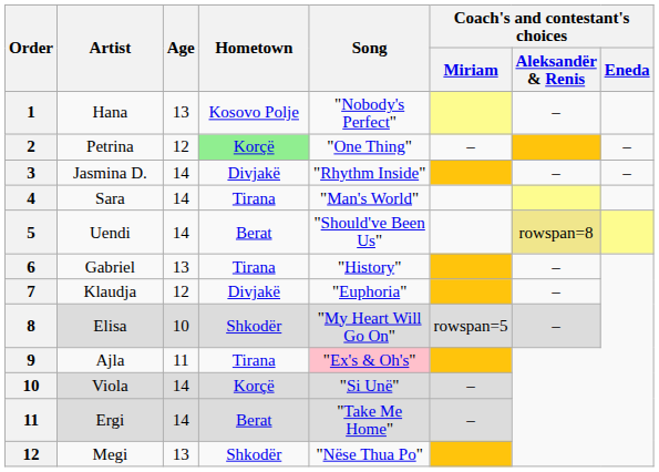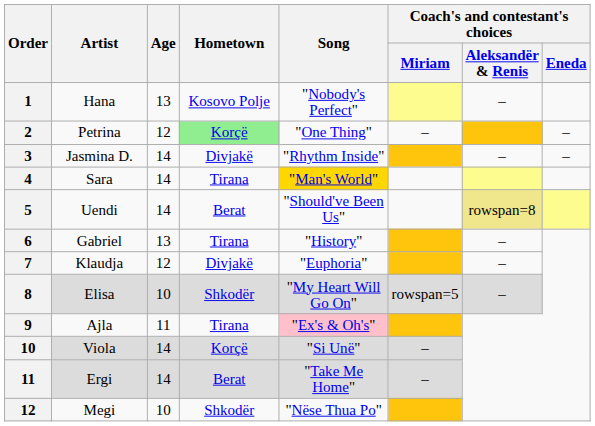 <table class="wikitable" style="text-align:center; line-height:17px; width:100%;">
 <tr>
 <th scope="col" rowspan=2 width="04%">Order</th>
 <th scope="col" rowspan=2 width="18%">Artist</th>
 <th scope="col" rowspan=2 width="05%">Age</th>
 <th scope="col" rowspan=2 width="18%">Hometown</th>
 <th scope="col" rowspan=2 width="20%">Song</th>
 <th scope="col" colspan=3 width="24%">Coach's and contestant's choices</th>
 </tr>
 <tr>
 <th width="08%"><a href='#'>Miriam</a></th>
 <th width="08%"><a href='#'>Aleksandër</a> & <a href='#'>Renis</a></th>
 <th width="08%"><a href='#'>Eneda</a></th>
 </tr>
 <tr>
 <th>1</th>
 <td>Hana</td>
 <td>13</td>
 <td><a href='#'>Kosovo Polje</a></td>
 <td>"<a href='#'>Nobody's Perfect</a>"</td>
 <td style="background: #fdfc8f;"><strong></strong></td>
 <td>–</td>
 <td><strong></strong></td>
 </tr>
 <tr>
 <th>2</th>
 <td>Petrina</td>
 <td>12</td>
 <td style="background: lightgreen;"><a href='#'>Korçë</a></td>
 <td>"<a href='#'>One Thing</a>"</td>
 <td>–</td>
 <td style="background: #ffc40c;"><strong></strong></td>
 <td>–</td>
 </tr>
 <tr>
 <th>3</th>
 <td>Jasmina D.</td>
 <td>14</td>
 <td><a href='#'>Divjakë</a></td>
 <td>"<a href='#'>Rhythm Inside</a>"</td>
 <td style="background: #ffc40c;"><strong></strong></td>
 <td>–</td>
 <td>–</td>
 </tr>
 <tr>
 <th>4</th>
 <td>Sara</td>
 <td>14</td>
 <td><a href='#'>Tirana</a></td>
-<td>"<a href='#'>Man's World</a>"</td>
+<td style="background: gold;">"<a href='#'>Man's World</a>"</td>
 <td><strong></strong></td>
 <td style="background: #fdfc8f;"><strong></strong></td>
 <td><strong></strong></td>
 </tr>
 <tr>
 <th>5</th>
 <td>Uendi</td>
 <td>14</td>
 <td><a href='#'>Berat</a></td>
 <td>"<a href='#'>Should've Been Us</a>"</td>
 <td><strong></strong></td>
 <td style="background: khaki;">rowspan=8 </td>
 <td style="background: #fdfc8f;"><strong></strong></td>
 </tr>
 <tr>
 <th>6</th>
 <td>Gabriel</td>
 <td>13</td>
 <td><a href='#'>Tirana</a></td>
 <td>"<a href='#'>History</a>"</td>
 <td style="background: #ffc40c;"><strong></strong></td>
 <td>–</td>
 </tr>
 <tr>
 <th>7</th>
 <td>Klaudja</td>
 <td>12</td>
 <td><a href='#'>Divjakë</a></td>
 <td>"<a href='#'>Euphoria</a>"</td>
 <td style="background: #ffc40c;"><strong></strong></td>
 <td>–</td>
 </tr>
 <tr style="background: #DCDCDC;" |>
 <th>8</th>
 <td>Elisa</td>
 <td>10</td>
 <td><a href='#'>Shkodër</a></td>
 <td>"<a href='#'>My Heart Will Go On</a>"</td>
 <td>rowspan=5 </td>
 <td>–</td>
 </tr>
 <tr>
 <th>9</th>
 <td>Ajla</td>
 <td>11</td>
 <td><a href='#'>Tirana</a></td>
 <td style="background: pink;">"<a href='#'>Ex's & Oh's</a>"</td>
 <td style="background: #ffc40c;"><strong></strong></td>
 </tr>
 <tr style="background: #DCDCDC;" |>
 <th>10</th>
 <td>Viola</td>
 <td>14</td>
 <td><a href='#'>Korçë</a></td>
 <td>"<a href='#'>Si Unë</a>"</td>
 <td>–</td>
 </tr>
 <tr style="background: #DCDCDC;" |>
 <th>11</th>
 <td>Ergi</td>
 <td>14</td>
 <td><a href='#'>Berat</a></td>
 <td>"<a href='#'>Take Me Home</a>"</td>
 <td>–</td>
 </tr>
 <tr>
 <th>12</th>
 <td>Megi</td>
-<td>13</td>
+<td>10</td>
 <td><a href='#'>Shkodër</a></td>
 <td>"<a href='#'>Nëse Thua Po</a>"</td>
 <td style="background: #ffc40c;"><strong></strong></td>
 </tr>
 </table>
